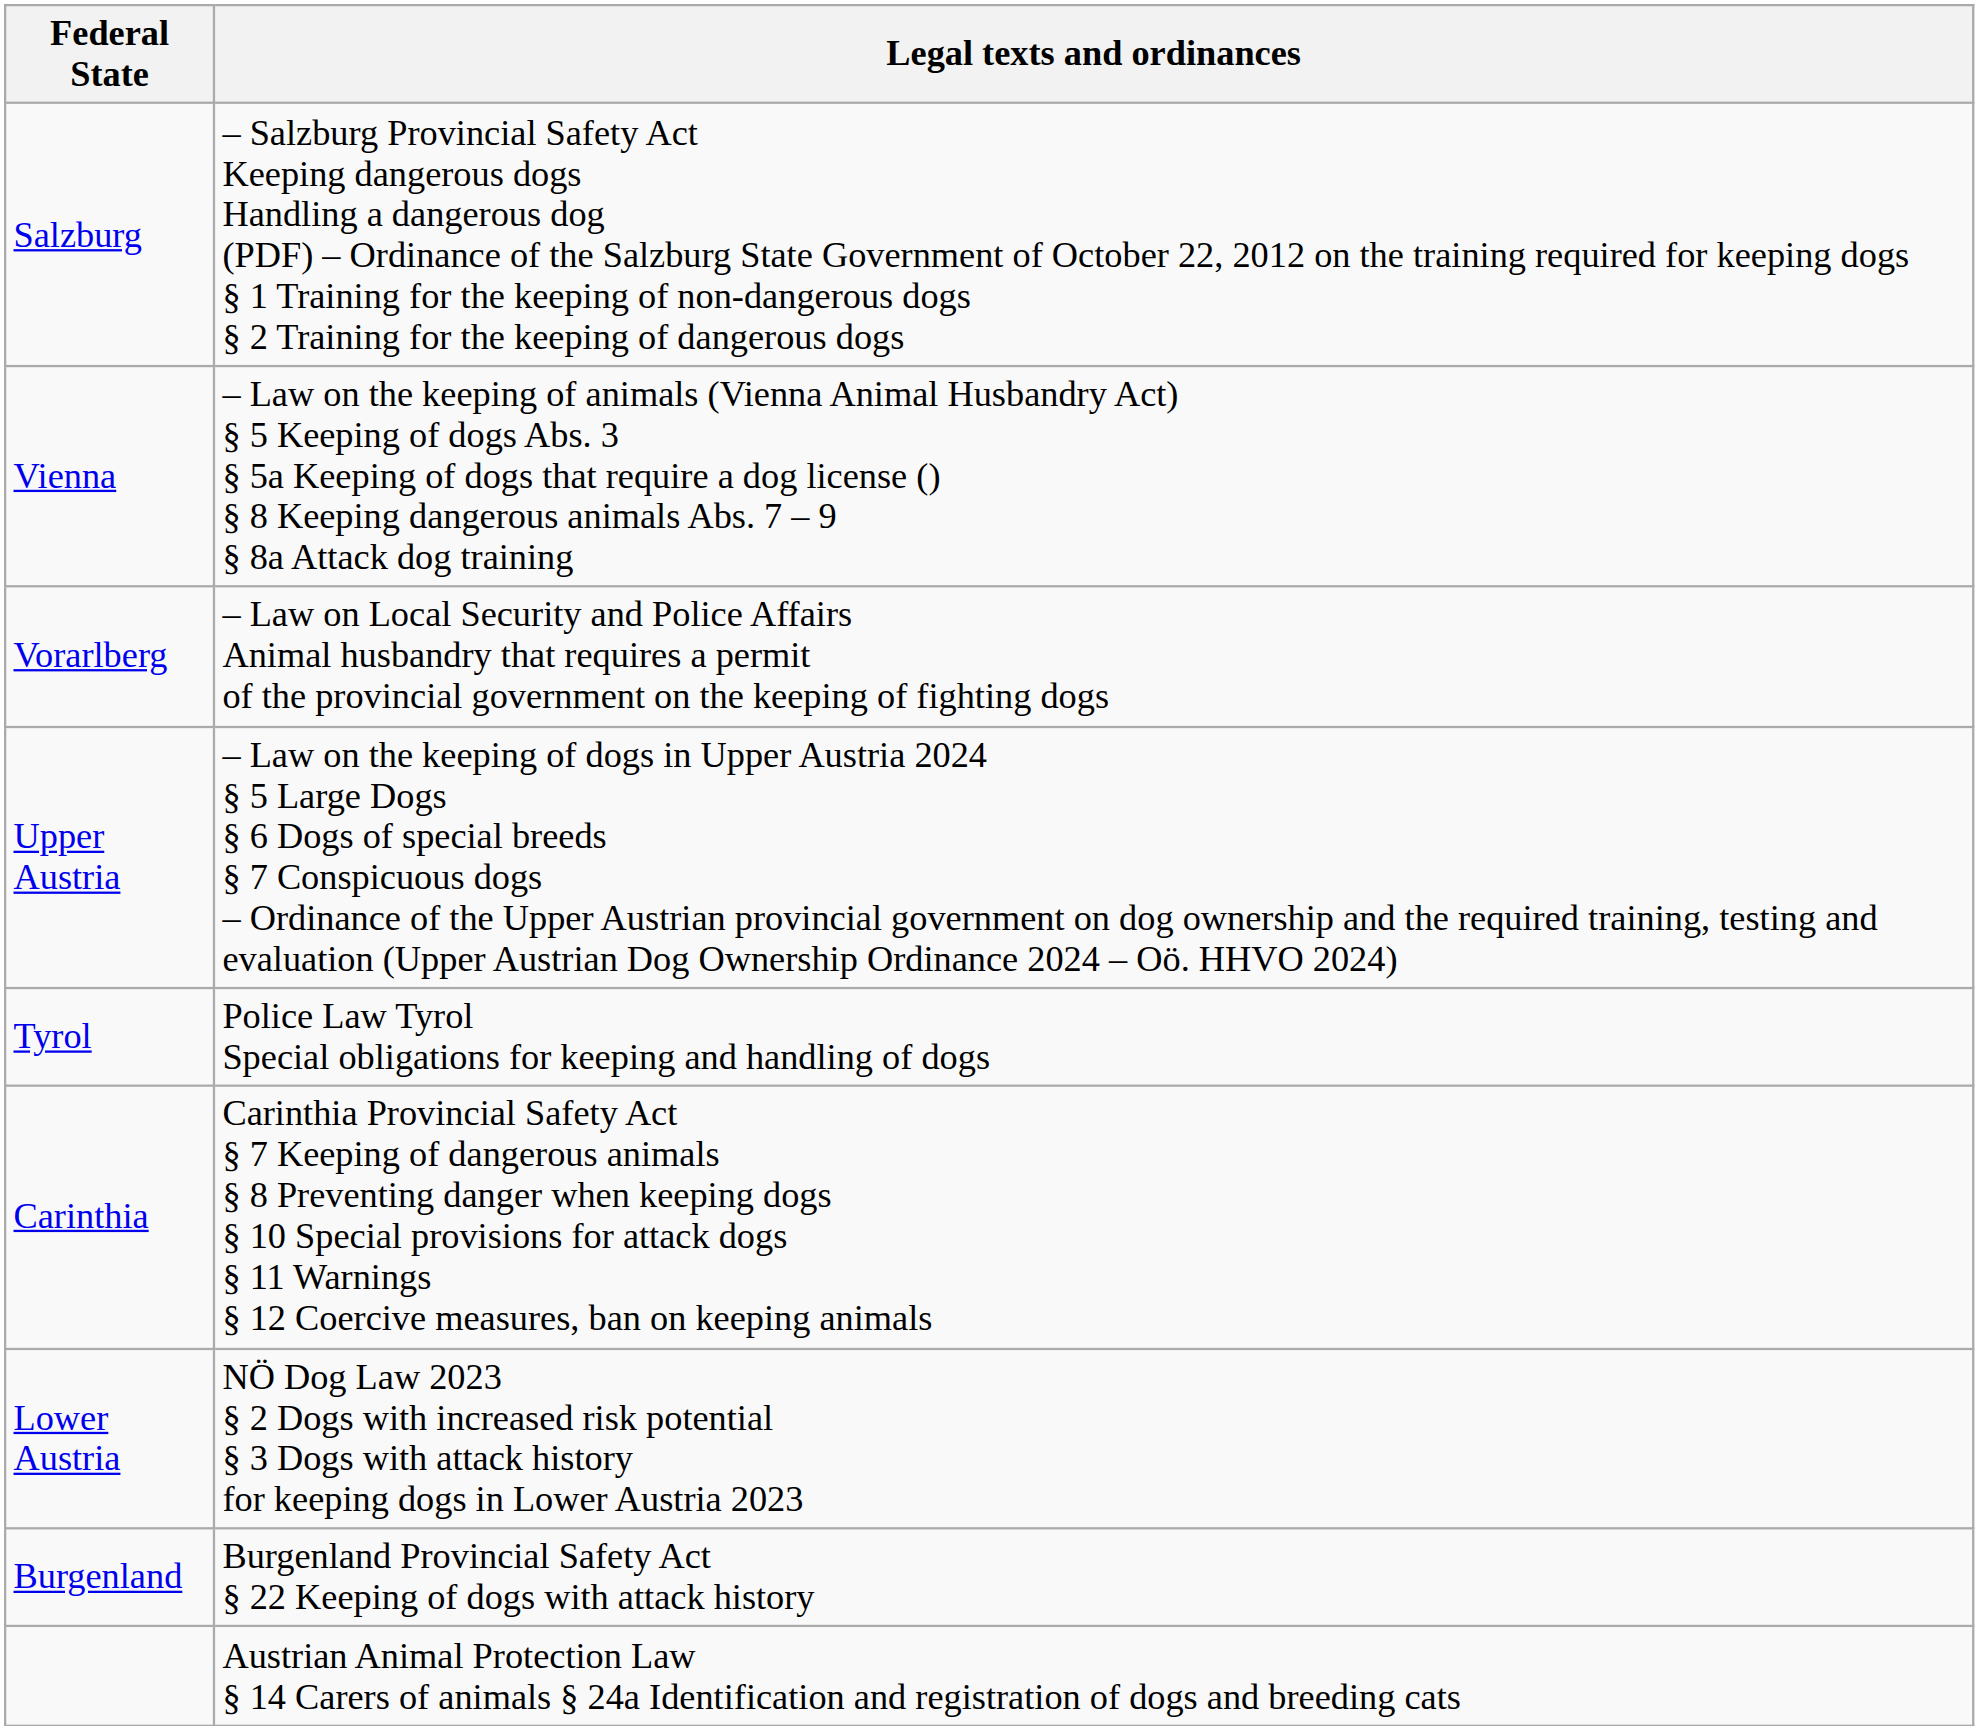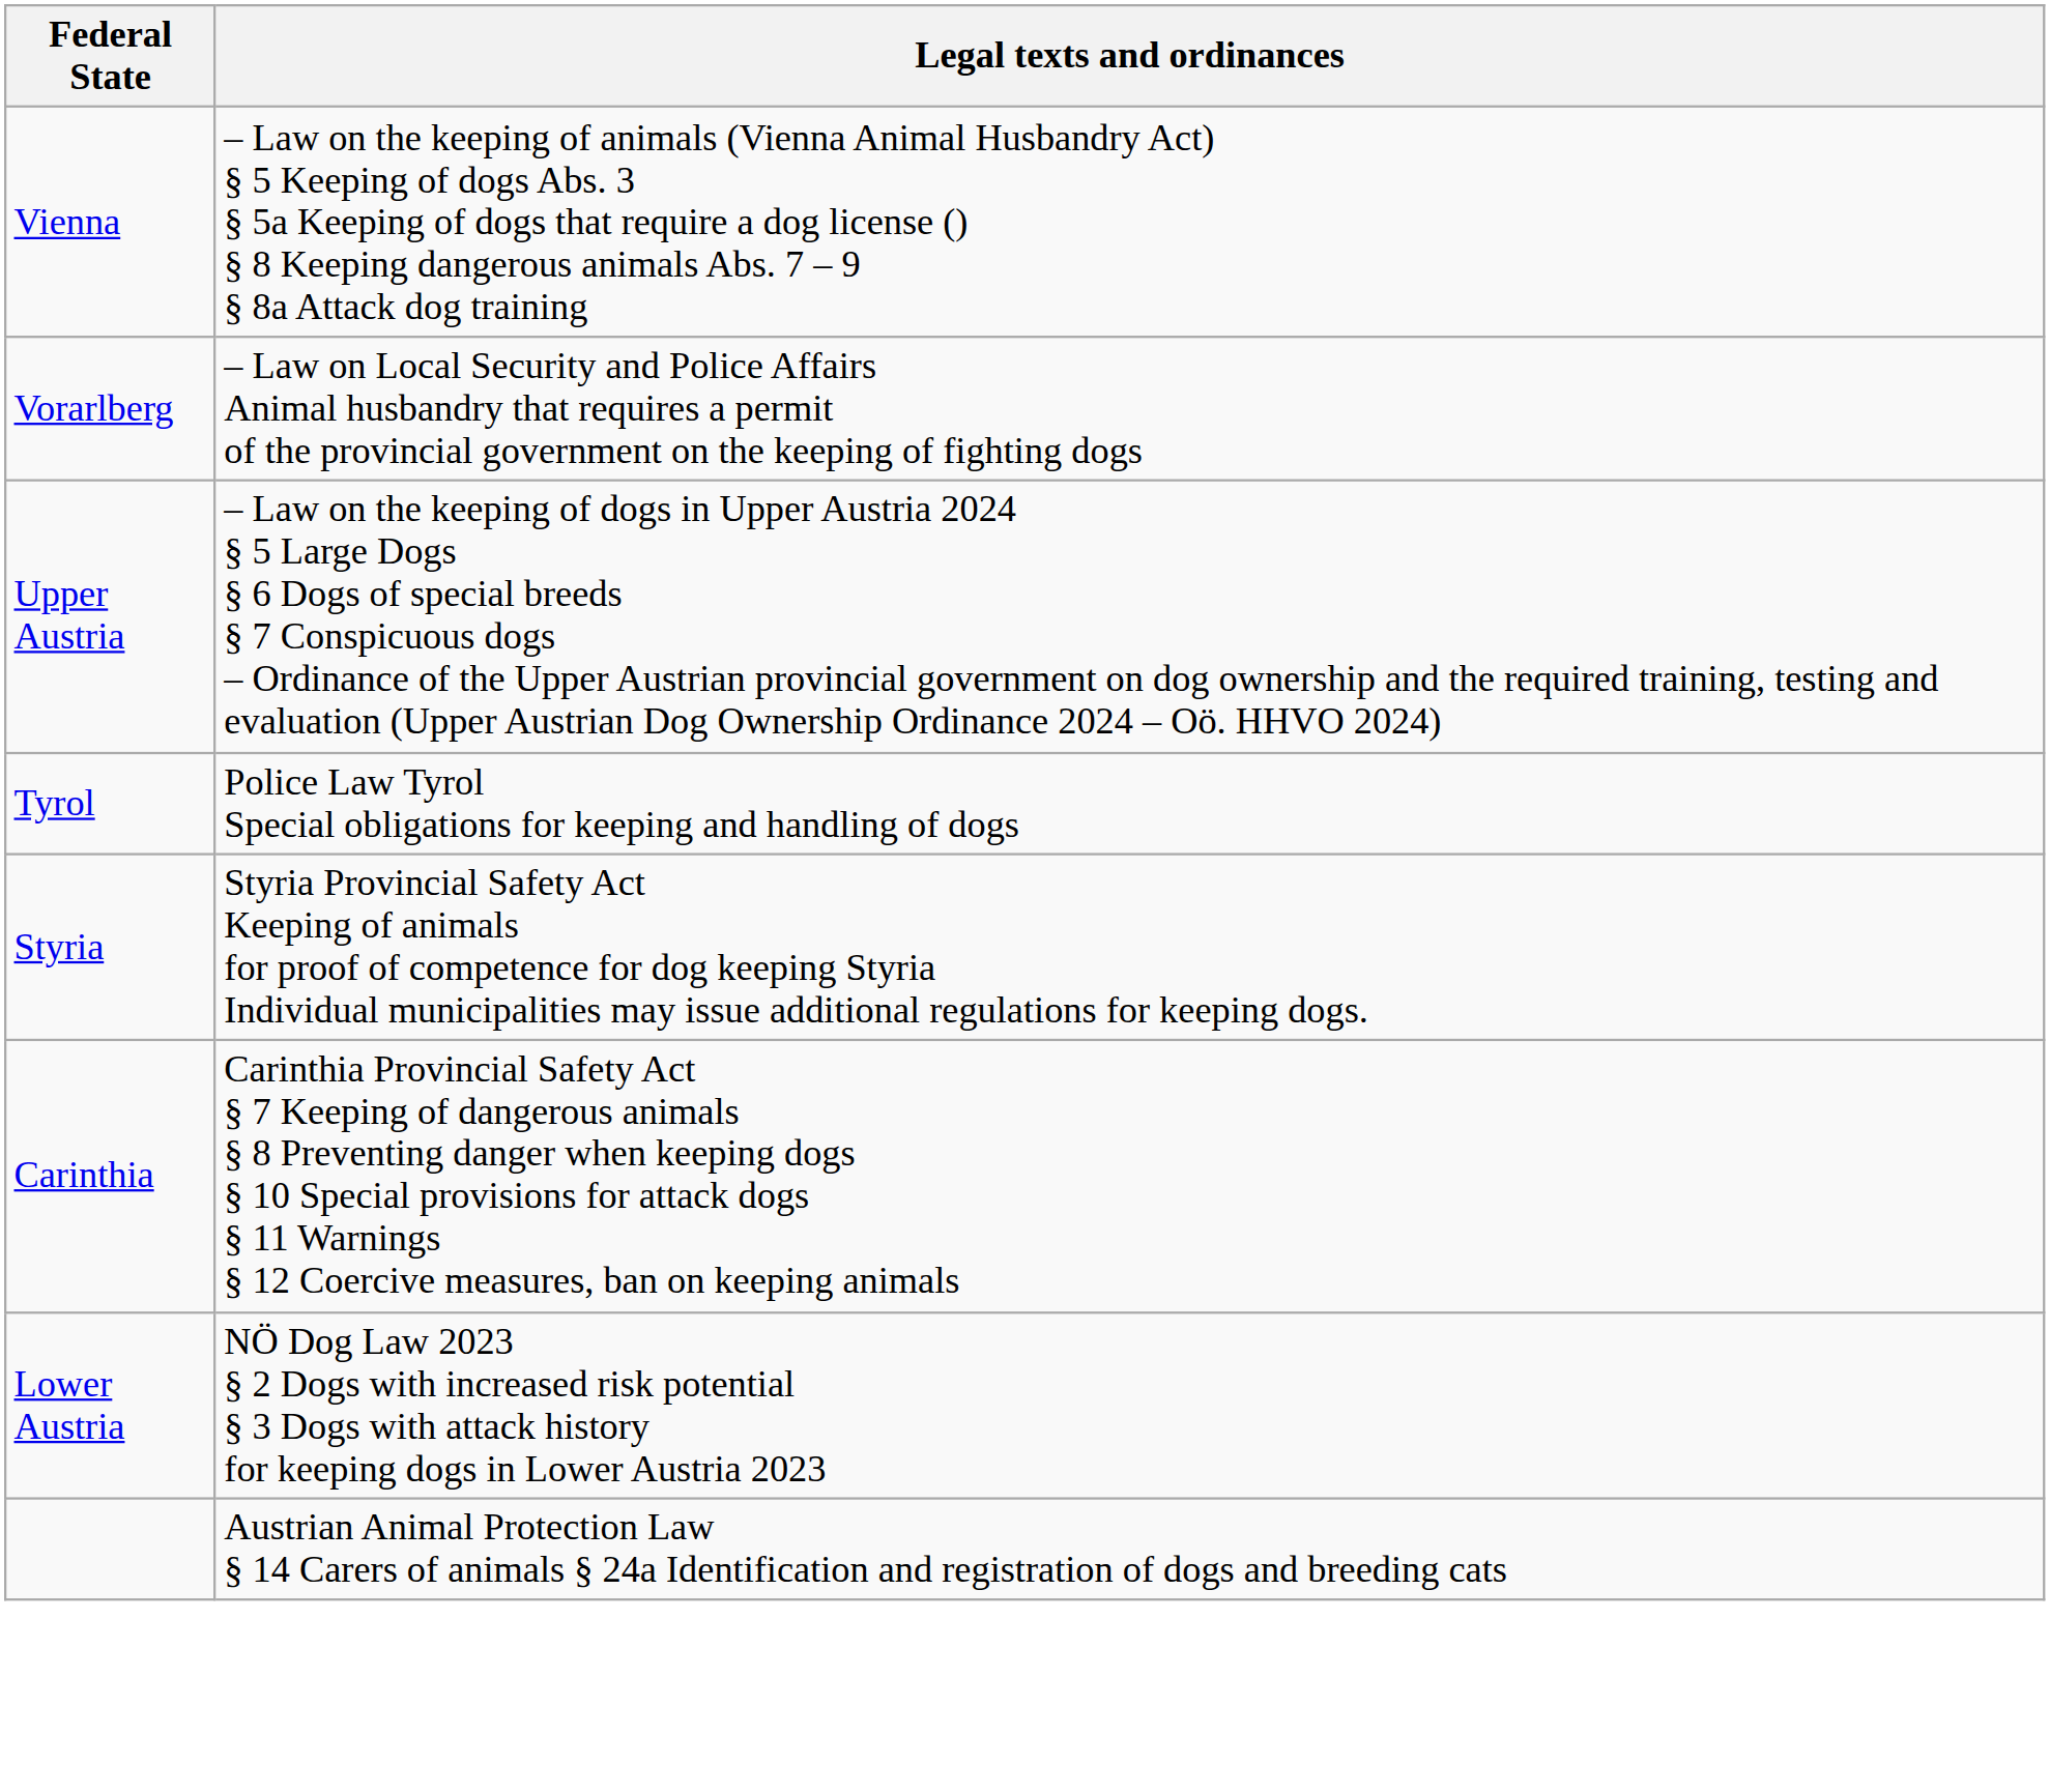 <table class="wikitable sortable">
 <tr>
 <th>Federal State</th>
 <th>Legal texts and ordinances</th>
-</tr>
-<tr>
-<td><a href='#'>Salzburg</a></td>
-<td> – Salzburg Provincial Safety Act <br>  Keeping dangerous dogs<br>  Handling a dangerous dog<br>  (PDF) – Ordinance of the Salzburg State Government of October 22, 2012 on the training required for keeping dogs<br> § 1 Training for the keeping of non-dangerous dogs<br> § 2 Training for the keeping of dangerous dogs</td>
 </tr>
 <tr>
 <td><a href='#'>Vienna</a></td>
 <td> – Law on the keeping of animals (Vienna Animal Husbandry Act)<br> § 5 Keeping of dogs Abs. 3<br> § 5a Keeping of dogs that require a dog license ()<br> § 8 Keeping dangerous animals Abs. 7 – 9<br> § 8a Attack dog training</td>
 </tr>
 <tr>
 <td><a href='#'>Vorarlberg</a></td>
 <td> – Law on Local Security and Police Affairs<br>  Animal husbandry that requires a permit<br> of the provincial government on the keeping of fighting dogs<br>  </td>
 </tr>
 <tr>
 <td><a href='#'>Upper Austria</a></td>
 <td> – Law on the keeping of dogs in Upper Austria 2024<br>§ 5 Large Dogs<br>§ 6 Dogs of special breeds <br>§ 7 Conspicuous dogs<br> – Ordinance of the Upper Austrian provincial government on dog ownership and the required training, testing and evaluation (Upper Austrian Dog Ownership Ordinance 2024 – Oö. HHVO 2024)</td>
 </tr>
 <tr>
 <td><a href='#'>Tyrol</a></td>
 <td> Police Law Tyrol<br>  Special obligations for keeping and handling of dogs</td>
 </tr>
 <tr>
+<td><a href='#'>Styria</a></td>
+<td> Styria Provincial Safety Act<br> Keeping of animals<br> for proof of competence for dog keeping Styria<br>Individual municipalities may issue additional regulations for keeping dogs.</td>
+</tr>
+<tr>
 <td><a href='#'>Carinthia</a></td>
 <td> Carinthia Provincial Safety Act <br> § 7 Keeping of dangerous animals<br> § 8 Preventing danger when keeping dogs<br> § 10 Special provisions for attack dogs<br> § 11 Warnings <br> § 12 Coercive measures, ban on keeping animals</td>
 </tr>
 <tr>
 <td><a href='#'>Lower Austria</a></td>
 <td> NÖ Dog Law 2023<br> § 2 Dogs with increased risk potential<br> § 3 Dogs with attack history<br> for keeping dogs in Lower Austria 2023</td>
 </tr>
 <tr>
-<td><a href='#'>Burgenland</a></td>
-<td> Burgenland Provincial Safety Act <br> § 22 Keeping of dogs with attack history</td>
-</tr>
-<tr>
 <td></td>
 <td> Austrian Animal Protection Law<br>§ 14 Carers of animals § 24a Identification and registration of dogs and breeding cats</td>
 </tr>
 </table>
